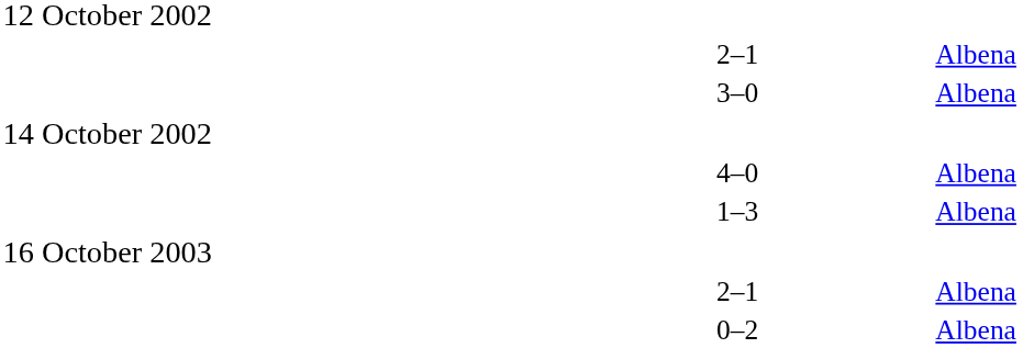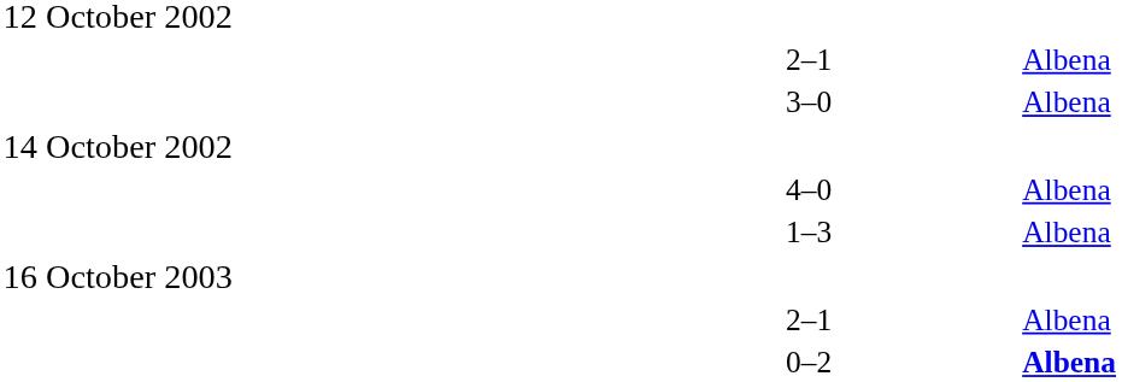 <table style="width:100%;" cellspacing="1">
 <tr>
 <th width=25%></th>
 <th width=10%></th>
 <th></th>
 </tr>
 <tr>
 <td>12 October 2002</td>
 </tr>
 <tr style=font-size:90%>
 <td align=right></td>
 <td align=center>2–1</td>
 <td></td>
 <td><a href='#'>Albena</a></td>
 </tr>
 <tr style=font-size:90%>
 <td align=right></td>
 <td align=center>3–0</td>
 <td></td>
 <td><a href='#'>Albena</a></td>
 </tr>
 <tr>
 <td>14 October 2002</td>
 </tr>
 <tr style=font-size:90%>
 <td align=right></td>
 <td align=center>4–0</td>
 <td></td>
 <td><a href='#'>Albena</a></td>
 </tr>
 <tr style=font-size:90%>
 <td align=right></td>
 <td align=center>1–3</td>
 <td></td>
 <td><a href='#'>Albena</a></td>
 </tr>
 <tr>
 <td>16 October 2003</td>
 </tr>
 <tr style=font-size:90%>
 <td align=right></td>
 <td align=center>2–1</td>
 <td></td>
 <td><a href='#'>Albena</a></td>
 </tr>
 <tr style=font-size:90%>
 <td align=right></td>
 <td align=center>0–2</td>
 <td></td>
-<td><a href='#'>Albena</a></td>
+<td><strong><a href='#'>Albena</a></strong></td>
 </tr>
 </table>
